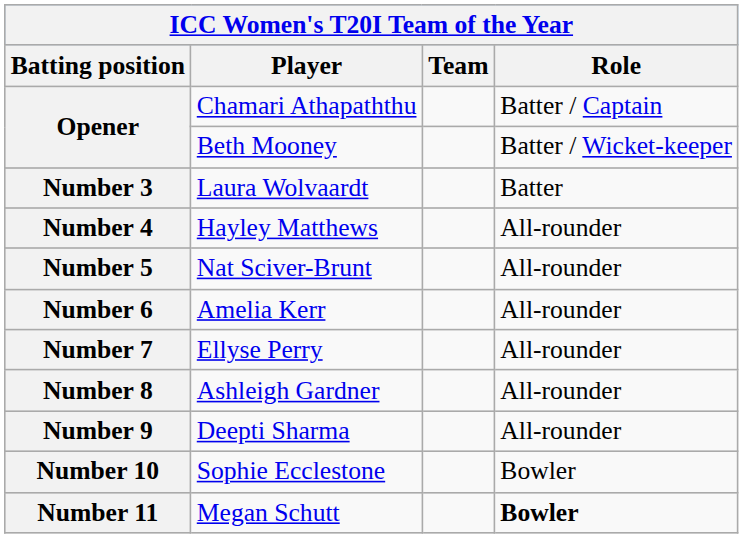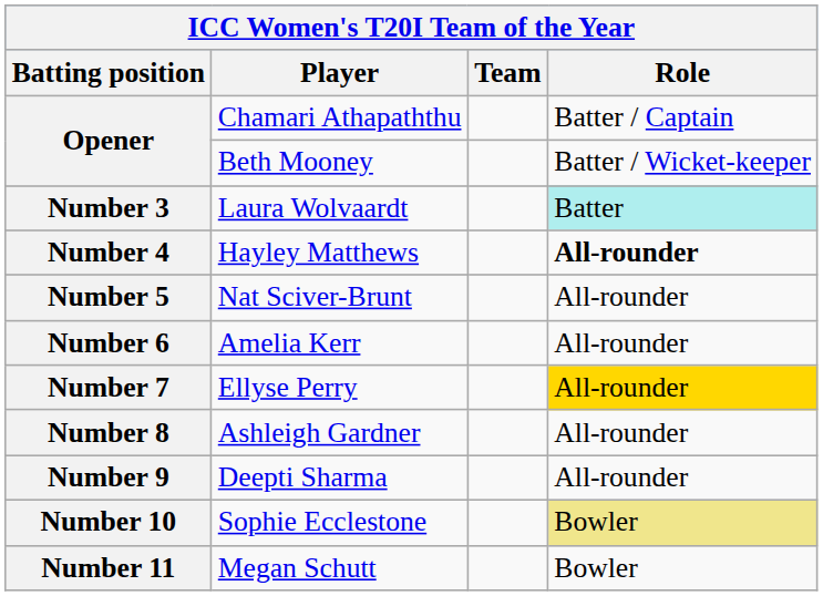 <table class="wikitable plainrowheaders">
 <tr style="background:#9cf;">
 <th colspan="5"><a href='#'>ICC Women's T20I Team of the Year</a></th>
 </tr>
 <tr>
 <th>Batting position</th>
 <th>Player</th>
 <th>Team</th>
 <th>Role</th>
 </tr>
 <tr>
 <th scope=row style=text-align:center; rowspan=2>Opener</th>
 <td><a href='#'>Chamari Athapaththu</a></td>
 <td></td>
 <td>Batter / <a href='#'>Captain</a></td>
 </tr>
 <tr>
 <td><a href='#'>Beth Mooney</a></td>
 <td></td>
 <td>Batter / <a href='#'>Wicket-keeper</a></td>
 </tr>
 <tr>
 <th scope=row style=text-align:center;>Number 3</th>
 <td><a href='#'>Laura Wolvaardt</a></td>
 <td></td>
-<td>Batter</td>
+<td style="background: paleturquoise;">Batter</td>
 </tr>
 <tr>
 <th scope=row style=text-align:center;>Number 4</th>
 <td><a href='#'>Hayley Matthews</a></td>
 <td></td>
-<td>All-rounder</td>
+<td><strong>All-rounder</strong></td>
 </tr>
 <tr>
 <th scope=row style=text-align:center;>Number 5</th>
 <td><a href='#'>Nat Sciver-Brunt</a></td>
 <td></td>
 <td>All-rounder</td>
 </tr>
 <tr>
 <th scope=row style=text-align:center;>Number 6</th>
 <td><a href='#'>Amelia Kerr</a></td>
 <td></td>
 <td>All-rounder</td>
 </tr>
 <tr>
 <th scope=row style=text-align:center;>Number 7</th>
 <td><a href='#'>Ellyse Perry</a></td>
 <td></td>
-<td>All-rounder</td>
+<td style="background: gold;">All-rounder</td>
 </tr>
 <tr>
 <th scope=row style=text-align:center;>Number 8</th>
 <td><a href='#'>Ashleigh Gardner</a></td>
 <td></td>
 <td>All-rounder</td>
 </tr>
 <tr>
 <th scope=row style=text-align:center;>Number 9</th>
 <td><a href='#'>Deepti Sharma</a></td>
 <td></td>
 <td>All-rounder</td>
 </tr>
 <tr>
 <th scope=row style=text-align:center;>Number 10</th>
 <td><a href='#'>Sophie Ecclestone</a></td>
 <td></td>
-<td>Bowler</td>
+<td style="background: khaki;">Bowler</td>
 </tr>
 <tr>
 <th scope=row style=text-align:center;>Number 11</th>
 <td><a href='#'>Megan Schutt</a></td>
 <td></td>
-<td><strong>Bowler</strong></td>
+<td>Bowler</td>
 </tr>
 </table>
